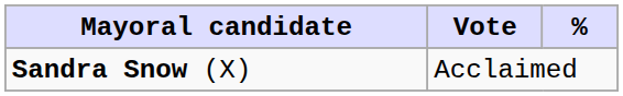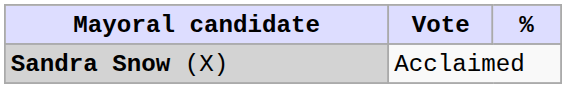 <table class="wikitable">
 <tr>
 <th style="background:#ddf; width:200px;">Mayoral candidate</th>
 <th style="background:#ddf; width:50px;">Vote</th>
 <th style="background:#ddf; width:30px;">%</th>
 </tr>
 <tr>
-<td><strong>Sandra Snow</strong> (X)</td>
+<td style="background: lightgrey;"><strong>Sandra Snow</strong> (X)</td>
 <td colspan="2">Acclaimed</td>
 </tr>
 </table>
